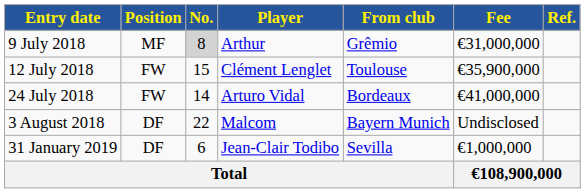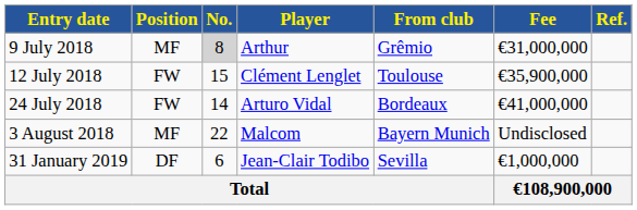 <table class="wikitable sortable">
 <tr>
 <th style="background:#26559B; color:#FFF000; ">Entry date</th>
 <th style="background:#26559B; color:#FFF000; ">Position</th>
 <th style="background:#26559B; color:#FFF000; ">No.</th>
 <th style="background:#26559B; color:#FFF000; ">Player</th>
 <th style="background:#26559B; color:#FFF000; ">From club</th>
 <th style="background:#26559B; color:#FFF000; ">Fee</th>
 <th style="background:#26559B; color:#FFF000; ">Ref.</th>
 </tr>
 <tr>
 <td>9 July 2018</td>
 <td style="text-align:center;">MF</td>
 <td style="background: lightgrey; text-align:center;">8</td>
 <td style="text-align:left;"> <a href='#'>Arthur</a></td>
 <td style="text-align:left;"> <a href='#'>Grêmio</a></td>
 <td>€31,000,000</td>
 <td></td>
 </tr>
 <tr>
 <td>12 July 2018</td>
 <td style="text-align:center;">FW</td>
 <td style="text-align:center;">15</td>
 <td style="text-align:left;"> <a href='#'>Clément Lenglet</a></td>
 <td style="text-align:left;"> <a href='#'>Toulouse</a></td>
 <td>€35,900,000</td>
 <td></td>
 </tr>
 <tr>
 <td>24 July 2018</td>
 <td style="text-align:center;">FW</td>
 <td style="text-align:center;">14</td>
 <td style="text-align:left;"> <a href='#'>Arturo Vidal</a></td>
 <td style="text-align:left;"> <a href='#'>Bordeaux</a></td>
 <td>€41,000,000</td>
 <td></td>
 </tr>
 <tr>
 <td>3 August 2018</td>
-<td style="text-align:center;">DF</td>
+<td style="text-align:center;">MF</td>
 <td style="text-align:center;">22</td>
 <td style="text-align:left;"> <a href='#'>Malcom</a></td>
 <td style="text-align:left;"> <a href='#'>Bayern Munich</a></td>
 <td>Undisclosed</td>
 <td></td>
 </tr>
 <tr>
 <td>31 January 2019</td>
 <td style="text-align:center;">DF</td>
 <td style="text-align:center;">6</td>
 <td style="text-align:left;"> <a href='#'>Jean-Clair Todibo</a></td>
 <td style="text-align:left;"> <a href='#'>Sevilla</a></td>
 <td>€1,000,000</td>
 <td></td>
 </tr>
 <tr>
 <th colspan="5">Total</th>
 <th colspan="2">€108,900,000</th>
 </tr>
 </table>
